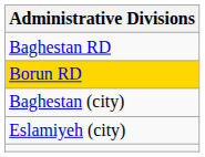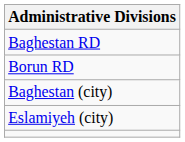 <table class="wikitable">
 <tr>
 <th>Administrative Divisions</th>
 </tr>
 <tr>
 <td><a href='#'>Baghestan RD</a></td>
 </tr>
 <tr>
-<td style="background: gold;"><a href='#'>Borun RD</a></td>
+<td><a href='#'>Borun RD</a></td>
 </tr>
 <tr>
 <td><a href='#'>Baghestan</a> (city)</td>
 </tr>
 <tr>
 <td><a href='#'>Eslamiyeh</a> (city)</td>
 </tr>
 <tr>
 <td colspan=1></td>
 </tr>
 </table>
